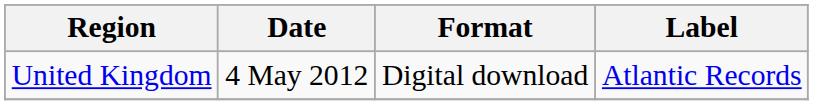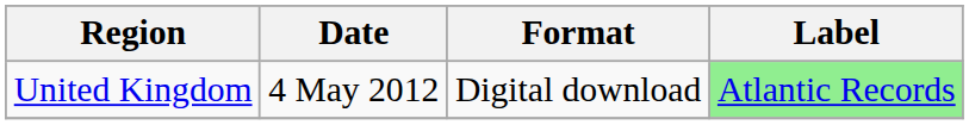 <table class=wikitable>
 <tr>
 <th>Region</th>
 <th>Date</th>
 <th>Format</th>
 <th>Label</th>
 </tr>
 <tr>
 <td><a href='#'>United Kingdom</a></td>
 <td>4 May 2012</td>
 <td>Digital download</td>
-<td><a href='#'>Atlantic Records</a></td>
+<td style="background: lightgreen;"><a href='#'>Atlantic Records</a></td>
 </tr>
 <tr>
 </tr>
 </table>
